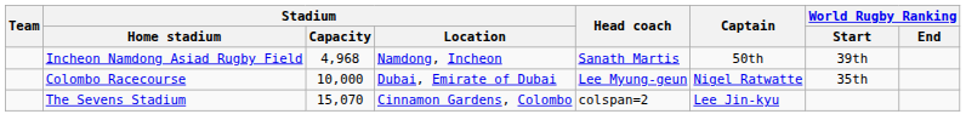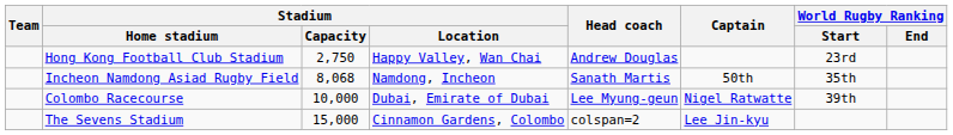 <table class="wikitable">
 <tr>
 <th rowspan="2">Team</th>
 <th colspan="3">Stadium</th>
 <th rowspan="2">Head coach</th>
 <th rowspan="2">Captain</th>
 <th colspan="2"><a href='#'>World Rugby Ranking</a></th>
 </tr>
 <tr>
 <th>Home stadium</th>
 <th>Capacity</th>
 <th>Location</th>
 <th>Start</th>
 <th>End</th>
 </tr>
 <tr>
 <td></td>
+<td><a href='#'>Hong Kong Football Club Stadium</a></td>
+<td align=center>2,750</td>
+<td><a href='#'>Happy Valley</a>, <a href='#'>Wan Chai</a></td>
+<td> <a href='#'>Andrew Douglas</a></td>
+<td></td>
+<td align=center>23rd</td>
+<td align=center></td>
+</tr>
+<tr>
+<td></td>
 <td><a href='#'>Incheon Namdong Asiad Rugby Field</a></td>
-<td align=center>4,968</td>
+<td align=center>8,068</td>
 <td><a href='#'>Namdong</a>, <a href='#'>Incheon</a></td>
 <td> <a href='#'>Sanath Martis</a></td>
 <td align=center>50th</td>
-<td align=center>39th</td>
+<td align=center>35th</td>
 <td align=center></td>
 </tr>
 <tr>
 <td></td>
 <td><a href='#'>Colombo Racecourse</a></td>
 <td align=center>10,000</td>
 <td><a href='#'>Dubai</a>, <a href='#'>Emirate of Dubai</a></td>
 <td> <a href='#'>Lee Myung-geun</a></td>
 <td><a href='#'>Nigel Ratwatte</a></td>
-<td align=center>35th</td>
+<td align=center>39th</td>
 <td align=center></td>
 </tr>
 <tr>
 <td></td>
 <td><a href='#'>The Sevens Stadium</a></td>
-<td align=center>15,070</td>
+<td align=center>15,000</td>
 <td><a href='#'>Cinnamon Gardens</a>, <a href='#'>Colombo</a></td>
 <td>colspan=2 </td>
 <td><a href='#'>Lee Jin-kyu</a></td>
 <td align=center></td>
 </tr>
 </table>
